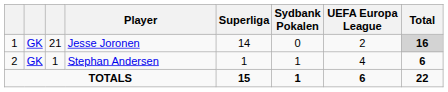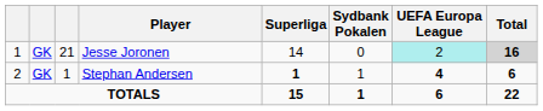 <table class="wikitable sortable" style="font-size: 95%; text-align: center;">
 <tr>
 <th width=20></th>
 <th width=20></th>
 <th width=20></th>
 <th width=200>Player</th>
 <th width=50>Superliga</th>
 <th width=50>Sydbank Pokalen</th>
 <th width=100>UEFA Europa League</th>
 <th width=50>Total</th>
 </tr>
 <tr>
 <td rowspan=1>1</td>
 <td><a href='#'>GK</a></td>
 <td>21</td>
 <td align=left> <a href='#'>Jesse Joronen</a></td>
 <td>14</td>
 <td>0</td>
-<td>2</td>
+<td style="background: paleturquoise;">2</td>
 <td style="background: lightgrey;"><strong>16</strong></td>
 </tr>
 <tr>
 <td rowspan=1>2</td>
 <td><a href='#'>GK</a></td>
 <td>1</td>
 <td align=left> <a href='#'>Stephan Andersen</a></td>
+<td><strong>1</strong></td>
 <td>1</td>
-<td>1</td>
-<td>4</td>
+<td><strong>4</strong></td>
 <td><strong>6</strong></td>
 </tr>
 <tr>
 <td colspan="4"><strong>TOTALS</strong></td>
 <td><strong>15</strong></td>
 <td><strong>1</strong></td>
 <td><strong>6</strong></td>
 <td><strong>22</strong></td>
 </tr>
 </table>
